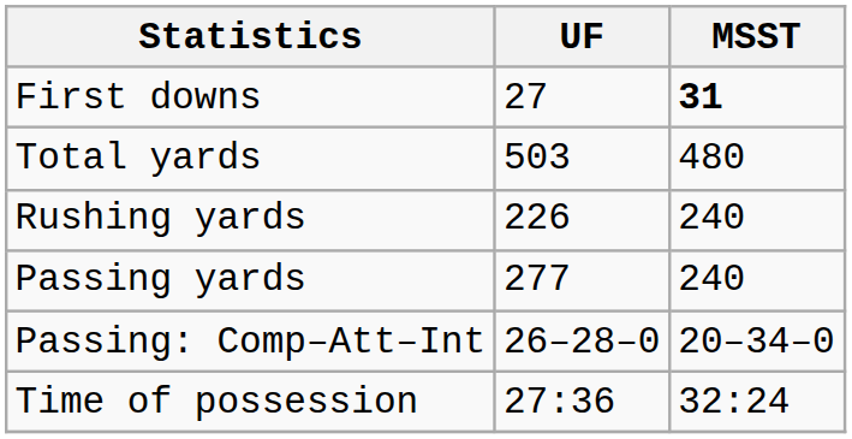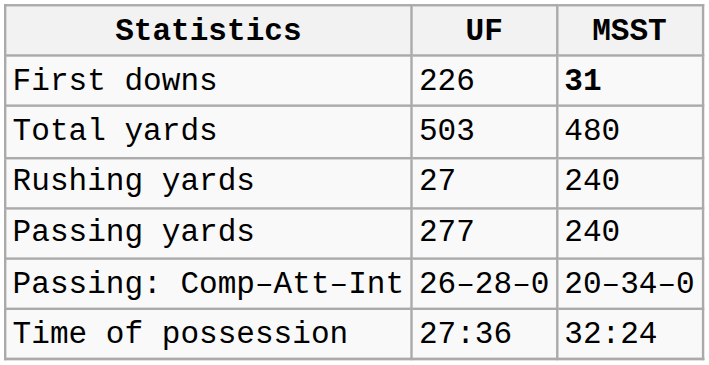 <table class="wikitable" style="float: left;">
 <tr>
 <th>Statistics</th>
 <th>UF</th>
 <th>MSST</th>
 </tr>
 <tr>
 <td>First downs</td>
-<td>27</td>
+<td>226</td>
 <td><strong>31</strong></td>
 </tr>
 <tr>
 <td>Total yards</td>
 <td>503</td>
 <td>480</td>
 </tr>
 <tr>
 <td>Rushing yards</td>
-<td>226</td>
+<td>27</td>
 <td>240</td>
 </tr>
 <tr>
 <td>Passing yards</td>
 <td>277</td>
 <td>240</td>
 </tr>
 <tr>
 <td>Passing: Comp–Att–Int</td>
 <td>26–28–0</td>
 <td>20–34–0</td>
 </tr>
 <tr>
 <td>Time of possession</td>
 <td>27:36</td>
 <td>32:24</td>
 </tr>
 <tr>
 </tr>
 </table>
